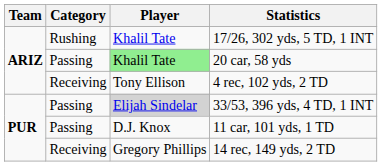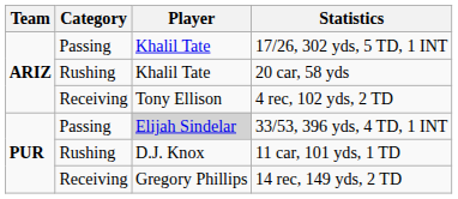 <table class="wikitable">
 <tr>
 <th>Team</th>
 <th>Category</th>
 <th>Player</th>
 <th>Statistics</th>
 </tr>
 <tr>
 <td rowspan=3><strong>ARIZ</strong></td>
-<td>Rushing</td>
+<td>Passing</td>
 <td><a href='#'>Khalil Tate</a></td>
 <td>17/26, 302 yds, 5 TD, 1 INT</td>
 </tr>
 <tr>
-<td>Passing</td>
-<td style="background: lightgreen;">Khalil Tate</td>
+<td>Rushing</td>
+<td>Khalil Tate</td>
 <td>20 car, 58 yds</td>
 </tr>
 <tr>
 <td>Receiving</td>
 <td>Tony Ellison</td>
 <td>4 rec, 102 yds, 2 TD</td>
 </tr>
 <tr>
 <td rowspan=3><strong>PUR</strong></td>
 <td>Passing</td>
 <td style="background: lightgrey;"><a href='#'>Elijah Sindelar</a></td>
 <td>33/53, 396 yds, 4 TD, 1 INT</td>
 </tr>
 <tr>
-<td>Passing</td>
+<td>Rushing</td>
 <td>D.J. Knox</td>
 <td>11 car, 101 yds, 1 TD</td>
 </tr>
 <tr>
 <td>Receiving</td>
 <td>Gregory Phillips</td>
 <td>14 rec, 149 yds, 2 TD</td>
 </tr>
 </table>
